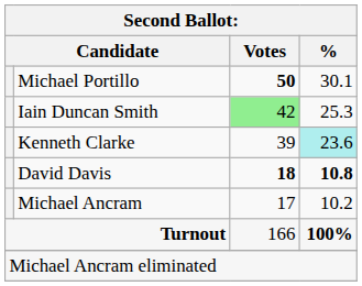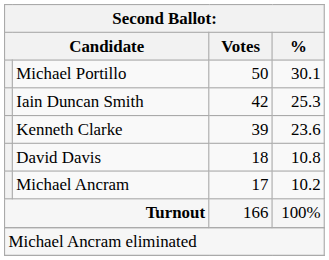 <table class="wikitable" style="font-size: 95%;">
 <tr>
 <th colspan="4">Second Ballot:</th>
 </tr>
 <tr>
 <th colspan="2" style="width: 170px">Candidate</th>
 <th style="width: 50px">Votes</th>
 <th style="width: 40px">%</th>
 </tr>
 <tr>
 <th style="background-color: "></th>
 <td style="width: 170px">Michael Portillo</td>
-<td align="right"><strong>50</strong></td>
+<td align="right">50</td>
 <td align="right">30.1</td>
 </tr>
 <tr>
 <th style="background-color: "></th>
 <td style="width: 170px">Iain Duncan Smith</td>
-<td align="right" style="background: lightgreen;">42</td>
+<td align="right">42</td>
 <td align="right">25.3</td>
 </tr>
 <tr>
 <th style="background-color: "></th>
 <td style="width: 170px">Kenneth Clarke</td>
 <td align="right">39</td>
-<td align="right" style="background: paleturquoise;">23.6</td>
+<td align="right">23.6</td>
 </tr>
 <tr>
 <th style="background-color: "></th>
 <td style="width: 170px">David Davis</td>
-<td align="right"><strong>18</strong></td>
-<td align="right"><strong>10.8</strong></td>
+<td align="right">18</td>
+<td align="right">10.8</td>
 </tr>
 <tr>
 <th style="background-color: "></th>
 <td style="width: 170px">Michael Ancram</td>
 <td align="right">17</td>
 <td align="right">10.2</td>
 </tr>
 <tr style="background-color:#F6F6F6">
 <td colspan="2" align="right"><strong>Turnout</strong></td>
 <td align="right">166</td>
-<td align="right"><strong>100%</strong></td>
+<td align="right">100%</td>
 </tr>
 <tr>
 </tr>
 <tr style="background-color:#F6F6F6">
 <td colspan="4">Michael Ancram eliminated</td>
 </tr>
 <tr>
 </tr>
 </table>
